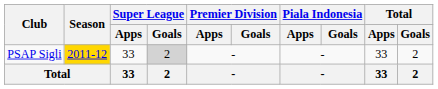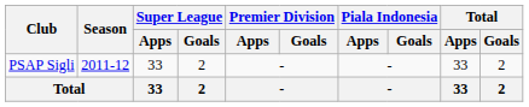 <table class="wikitable" style="font-size:90%; text-align:center;">
 <tr>
 <th rowspan="2">Club</th>
 <th rowspan="2">Season</th>
 <th colspan="2"><a href='#'>Super League</a></th>
 <th colspan="2"><a href='#'>Premier Division</a></th>
 <th colspan="2"><a href='#'>Piala Indonesia</a></th>
 <th colspan="2">Total</th>
 </tr>
 <tr>
 <th>Apps</th>
 <th>Goals</th>
 <th>Apps</th>
 <th>Goals</th>
 <th>Apps</th>
 <th>Goals</th>
 <th>Apps</th>
 <th>Goals</th>
 </tr>
 <tr>
 <td rowspan="1"><a href='#'>PSAP Sigli</a></td>
-<td style="background: gold;"><a href='#'>2011-12</a></td>
+<td><a href='#'>2011-12</a></td>
 <td>33</td>
-<td style="background: lightgrey;">2</td>
+<td>2</td>
 <td colspan="2">-</td>
 <td colspan="2">-</td>
 <td>33</td>
 <td>2</td>
 </tr>
 <tr>
 <th colspan="2">Total</th>
 <th>33</th>
 <th>2</th>
 <th colspan="2">-</th>
 <th colspan="2">-</th>
 <th>33</th>
 <th>2</th>
 </tr>
 </table>
